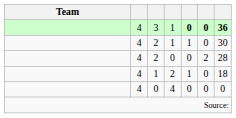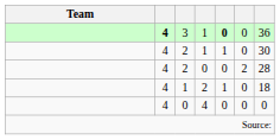 <table class="wikitable" style="text-align:center">
 <tr>
 <th width=200>Team</th>
 <th width=20></th>
 <th width=20></th>
 <th width=20></th>
 <th width=20></th>
 <th width=20></th>
 <th width=20></th>
 </tr>
 <tr style="background:#cfc">
 <td style="text-align:left;"></td>
-<td>4</td>
+<td><strong>4</strong></td>
 <td>3</td>
 <td>1</td>
 <td><strong>0</strong></td>
-<td><strong>0</strong></td>
-<td><strong>36</strong></td>
+<td>0</td>
+<td>36</td>
 </tr>
 <tr>
 <td style="text-align:left;"></td>
 <td>4</td>
 <td>2</td>
 <td>1</td>
 <td>1</td>
 <td>0</td>
 <td>30</td>
 </tr>
 <tr>
 <td style="text-align:left;"></td>
 <td>4</td>
 <td>2</td>
 <td>0</td>
 <td>0</td>
 <td>2</td>
 <td>28</td>
 </tr>
 <tr>
 <td style="text-align:left;"></td>
 <td>4</td>
 <td>1</td>
 <td>2</td>
 <td>1</td>
 <td>0</td>
 <td>18</td>
 </tr>
 <tr>
 <td style="text-align:left;"></td>
 <td>4</td>
 <td>0</td>
 <td>4</td>
 <td>0</td>
 <td>0</td>
 <td>0</td>
 </tr>
 <tr>
 <td colspan="8" style="text-align:right;"><small>Source: </small></td>
 </tr>
 </table>
